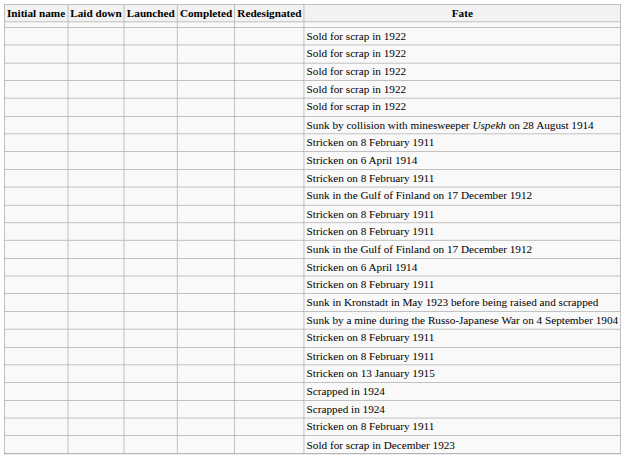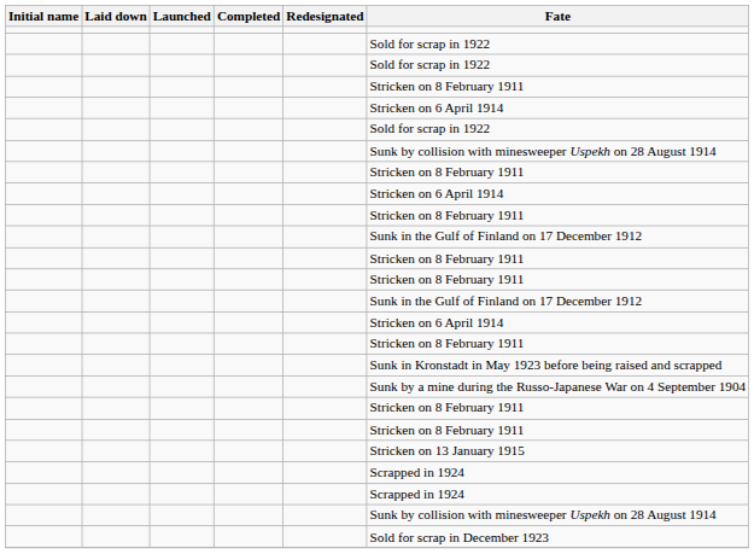 <table class="wikitable">
 <tr>
 <th scope="col">Initial name</th>
 <th scope="col">Laid down</th>
 <th scope="col">Launched</th>
 <th scope="col">Completed</th>
 <th scope="col">Redesignated</th>
 <th scope="col">Fate</th>
 </tr>
 <tr>
 <td></td>
 <td></td>
 <td></td>
 <td></td>
 <td></td>
 <td></td>
 </tr>
 <tr>
 <td></td>
 <td></td>
 <td></td>
 <td></td>
 <td></td>
 <td>Sold for scrap in 1922</td>
 </tr>
 <tr>
 <td></td>
 <td></td>
 <td></td>
 <td></td>
 <td></td>
 <td>Sold for scrap in 1922</td>
 </tr>
 <tr>
 <td></td>
 <td></td>
 <td></td>
 <td></td>
 <td></td>
-<td>Sold for scrap in 1922</td>
+<td>Stricken on 8 February 1911</td>
 </tr>
 <tr>
 <td></td>
 <td></td>
 <td></td>
 <td></td>
 <td></td>
-<td>Sold for scrap in 1922</td>
+<td>Stricken on 6 April 1914</td>
 </tr>
 <tr>
 <td></td>
 <td></td>
 <td></td>
 <td></td>
 <td></td>
 <td>Sold for scrap in 1922</td>
 </tr>
 <tr>
 <td></td>
 <td></td>
 <td></td>
 <td></td>
 <td></td>
 <td>Sunk by collision with minesweeper <em>Uspekh</em> on 28 August 1914</td>
 </tr>
 <tr>
 <td></td>
 <td></td>
 <td></td>
 <td></td>
 <td></td>
 <td>Stricken on 8 February 1911</td>
 </tr>
 <tr>
 <td></td>
 <td></td>
 <td></td>
 <td></td>
 <td></td>
 <td>Stricken on 6 April 1914</td>
 </tr>
 <tr>
 <td></td>
 <td></td>
 <td></td>
 <td></td>
 <td></td>
 <td>Stricken on 8 February 1911</td>
 </tr>
 <tr>
 <td></td>
 <td></td>
 <td></td>
 <td></td>
 <td></td>
 <td>Sunk in the Gulf of Finland on 17 December 1912</td>
 </tr>
 <tr>
 <td></td>
 <td></td>
 <td></td>
 <td></td>
 <td></td>
 <td>Stricken on 8 February 1911</td>
 </tr>
 <tr>
 <td></td>
 <td></td>
 <td></td>
 <td></td>
 <td></td>
 <td>Stricken on 8 February 1911</td>
 </tr>
 <tr>
 <td></td>
 <td></td>
 <td></td>
 <td></td>
 <td></td>
 <td>Sunk in the Gulf of Finland on 17 December 1912</td>
 </tr>
 <tr>
 <td></td>
 <td></td>
 <td></td>
 <td></td>
 <td></td>
 <td>Stricken on 6 April 1914</td>
 </tr>
 <tr>
 <td></td>
 <td></td>
 <td></td>
 <td></td>
 <td></td>
 <td>Stricken on 8 February 1911</td>
 </tr>
 <tr>
 <td></td>
 <td></td>
 <td></td>
 <td></td>
 <td></td>
 <td>Sunk in Kronstadt in May 1923 before being raised and scrapped</td>
 </tr>
 <tr>
 <td></td>
 <td></td>
 <td></td>
 <td></td>
 <td></td>
 <td>Sunk by a mine during the Russo-Japanese War on 4 September 1904</td>
 </tr>
 <tr>
 <td></td>
 <td></td>
 <td></td>
 <td></td>
 <td></td>
 <td>Stricken on 8 February 1911</td>
 </tr>
 <tr>
 <td></td>
 <td></td>
 <td></td>
 <td></td>
 <td></td>
 <td>Stricken on 8 February 1911</td>
 </tr>
 <tr>
 <td></td>
 <td></td>
 <td></td>
 <td></td>
 <td></td>
 <td>Stricken on 13 January 1915</td>
 </tr>
 <tr>
 <td></td>
 <td></td>
 <td></td>
 <td></td>
 <td></td>
 <td>Scrapped in 1924</td>
 </tr>
 <tr>
 <td></td>
 <td></td>
 <td></td>
 <td></td>
 <td></td>
 <td>Scrapped in 1924</td>
 </tr>
 <tr>
 <td></td>
 <td></td>
 <td></td>
 <td></td>
 <td></td>
-<td>Stricken on 8 February 1911</td>
+<td>Sunk by collision with minesweeper <em>Uspekh</em> on 28 August 1914</td>
 </tr>
 <tr>
 <td></td>
 <td></td>
 <td></td>
 <td></td>
 <td></td>
 <td>Sold for scrap in December 1923</td>
 </tr>
 <tr>
 </tr>
 </table>
